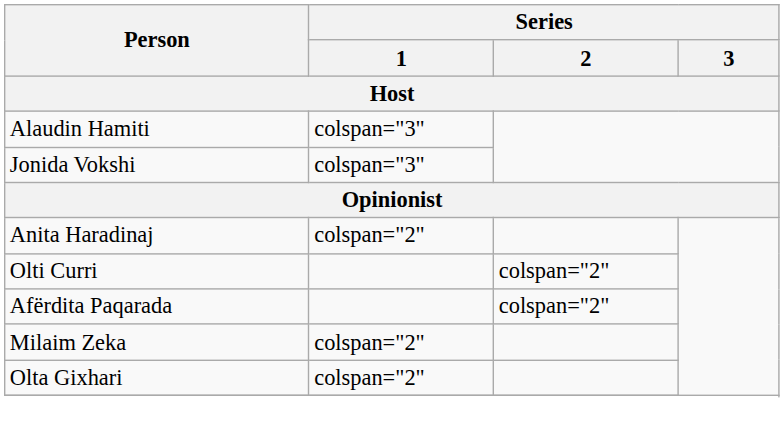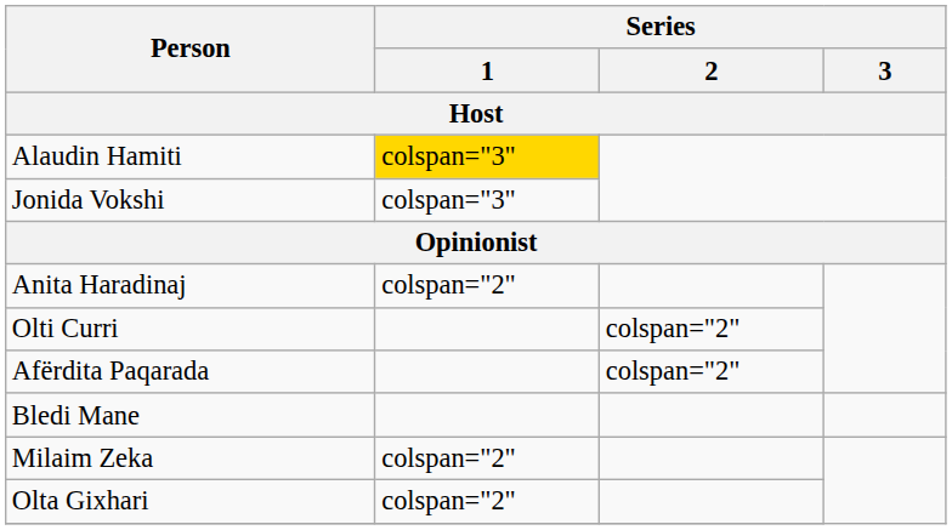 <table class="wikitable" style="width:35%">
 <tr>
 <th rowspan="2" style="width:135px">Person</th>
 <th colspan="3">Series</th>
 </tr>
 <tr>
 <th style="width:40px">1</th>
 <th style="width:40px">2</th>
 <th style="width:40px">3</th>
 </tr>
 <tr>
 <th colspan="4">Host</th>
 </tr>
 <tr>
 <td>Alaudin Hamiti</td>
-<td>colspan="3" </td>
+<td style="background: gold;">colspan="3" </td>
 </tr>
 <tr>
 <td>Jonida Vokshi</td>
 <td>colspan="3" </td>
 </tr>
 <tr>
 <th colspan="4">Opinionist</th>
 </tr>
 <tr>
 <td>Anita Haradinaj</td>
 <td>colspan="2" </td>
 <td></td>
 </tr>
 <tr>
 <td>Olti Curri</td>
 <td></td>
 <td>colspan="2" </td>
 </tr>
 <tr>
 <td>Afërdita Paqarada</td>
 <td></td>
 <td>colspan="2" </td>
 </tr>
 <tr>
+<td>Bledi Mane</td>
+<td></td>
+<td></td>
+<td></td>
+</tr>
+<tr>
 <td>Milaim Zeka</td>
 <td>colspan="2" </td>
 <td></td>
 </tr>
 <tr>
 <td>Olta Gixhari</td>
 <td>colspan="2" </td>
 <td></td>
 </tr>
 <tr>
 </tr>
 </table>
